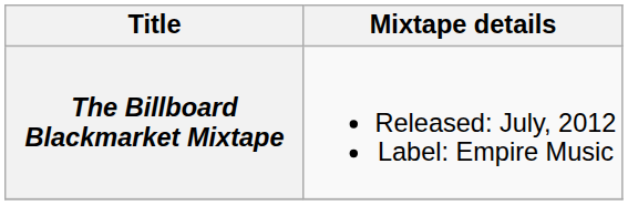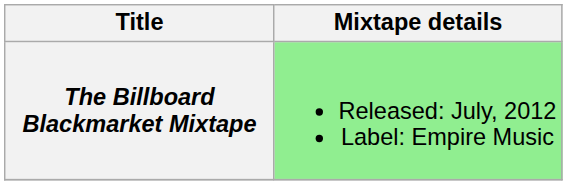 <table class="wikitable plainrowheaders" style="text-align:center;">
 <tr>
 <th scope="col" style="width:11em;">Title</th>
 <th scope="col">Mixtape details</th>
 </tr>
 <tr>
 <th scope="row"><em>The Billboard Blackmarket Mixtape</em></th>
-<td><br><ul><li>Released: July, 2012</li><li>Label: Empire Music</li></ul></td>
+<td style="background: lightgreen;"><br><ul><li>Released: July, 2012</li><li>Label: Empire Music</li></ul></td>
 </tr>
 <tr>
 </tr>
 </table>
